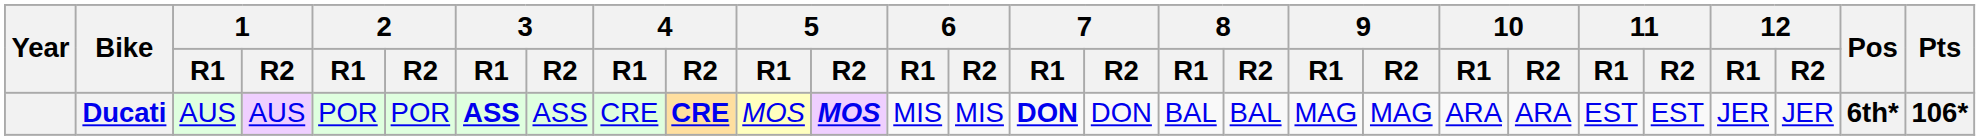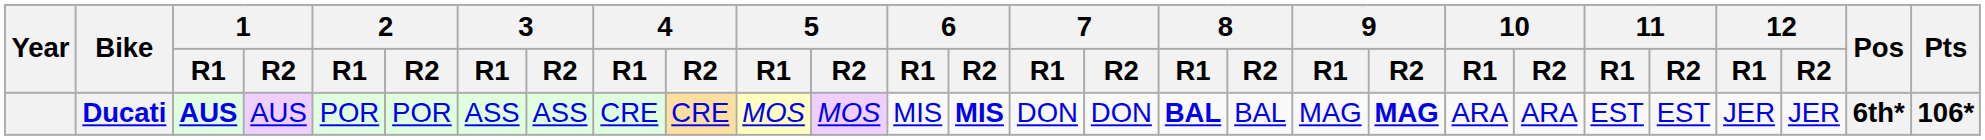 <table class="wikitable" style="text-align:center; font-size:90%;">
 <tr>
 <th rowspan="2">Year</th>
 <th rowspan="2">Bike</th>
 <th colspan="2">1</th>
 <th colspan="2">2</th>
 <th colspan="2">3</th>
 <th colspan="2">4</th>
 <th colspan="2">5</th>
 <th colspan="2">6</th>
 <th colspan="2">7</th>
 <th colspan="2">8</th>
 <th colspan="2">9</th>
 <th colspan="2">10</th>
 <th colspan="2">11</th>
 <th colspan="2">12</th>
 <th rowspan="2">Pos</th>
 <th rowspan="2">Pts</th>
 </tr>
 <tr>
 <th>R1</th>
 <th>R2</th>
 <th>R1</th>
 <th>R2</th>
 <th>R1</th>
 <th>R2</th>
 <th>R1</th>
 <th>R2</th>
 <th>R1</th>
 <th>R2</th>
 <th>R1</th>
 <th>R2</th>
 <th>R1</th>
 <th>R2</th>
 <th>R1</th>
 <th>R2</th>
 <th>R1</th>
 <th>R2</th>
 <th>R1</th>
 <th>R2</th>
 <th>R1</th>
 <th>R2</th>
 <th>R1</th>
 <th>R2</th>
 </tr>
 <tr>
 <th></th>
 <th><a href='#'>Ducati</a></th>
-<td style="background:#DFFFDF;"><a href='#'>AUS</a><br></td>
+<td style="background:#DFFFDF;"><strong><a href='#'>AUS</a><br></strong></td>
 <td style="background:#EFCFFF;"><a href='#'>AUS</a><br></td>
 <td style="background:#DFFFDF;"><a href='#'>POR</a><br></td>
 <td style="background:#DFFFDF;"><a href='#'>POR</a><br></td>
-<td style="background:#DFFFDF;"><strong><a href='#'>ASS</a><br></strong></td>
+<td style="background:#DFFFDF;"><a href='#'>ASS</a><br></td>
 <td style="background:#DFFFDF;"><a href='#'>ASS</a><br></td>
 <td style="background:#DFFFDF;"><a href='#'>CRE</a><br></td>
-<td style="background:#FFDF9F;"><strong><a href='#'>CRE</a><br></strong></td>
+<td style="background:#FFDF9F;"><a href='#'>CRE</a><br></td>
 <td style="background:#FFFFBF;"><em><a href='#'>MOS</a></em><br></td>
-<td style="background:#EFCFFF;"><strong><em><a href='#'>MOS</a></em><br></strong></td>
+<td style="background:#EFCFFF;"><em><a href='#'>MOS</a></em><br></td>
 <td style="background:#;"><a href='#'>MIS</a><br></td>
-<td style="background:#;"><a href='#'>MIS</a><br></td>
-<td style="background:#;"><strong><a href='#'>DON</a><br></strong></td>
+<td style="background:#;"><strong><a href='#'>MIS</a><br></strong></td>
 <td style="background:#;"><a href='#'>DON</a><br></td>
-<td style="background:#;"><a href='#'>BAL</a><br></td>
+<td style="background:#;"><a href='#'>DON</a><br></td>
+<td style="background:#;"><strong><a href='#'>BAL</a><br></strong></td>
 <td style="background:#;"><a href='#'>BAL</a><br></td>
 <td style="background:#;"><a href='#'>MAG</a><br></td>
-<td style="background:#;"><a href='#'>MAG</a><br></td>
+<td style="background:#;"><strong><a href='#'>MAG</a><br></strong></td>
 <td style="background:#;"><a href='#'>ARA</a><br></td>
 <td style="background:#;"><a href='#'>ARA</a><br></td>
 <td style="background:#;"><a href='#'>EST</a><br></td>
 <td style="background:#;"><a href='#'>EST</a><br></td>
 <td style="background:#;"><a href='#'>JER</a><br></td>
 <td style="background:#;"><a href='#'>JER</a><br></td>
 <th>6th*</th>
 <th>106*</th>
 </tr>
 </table>
